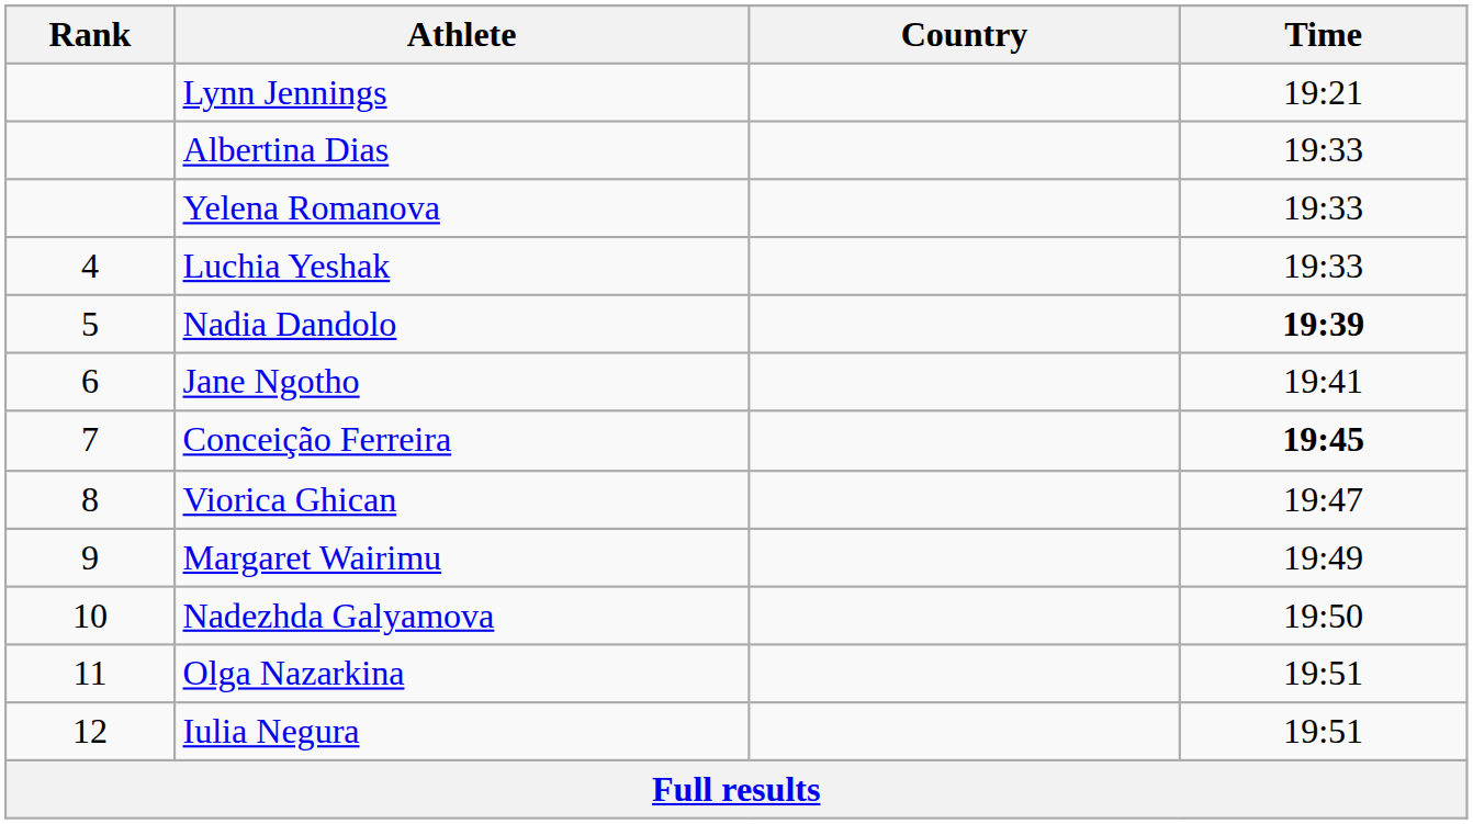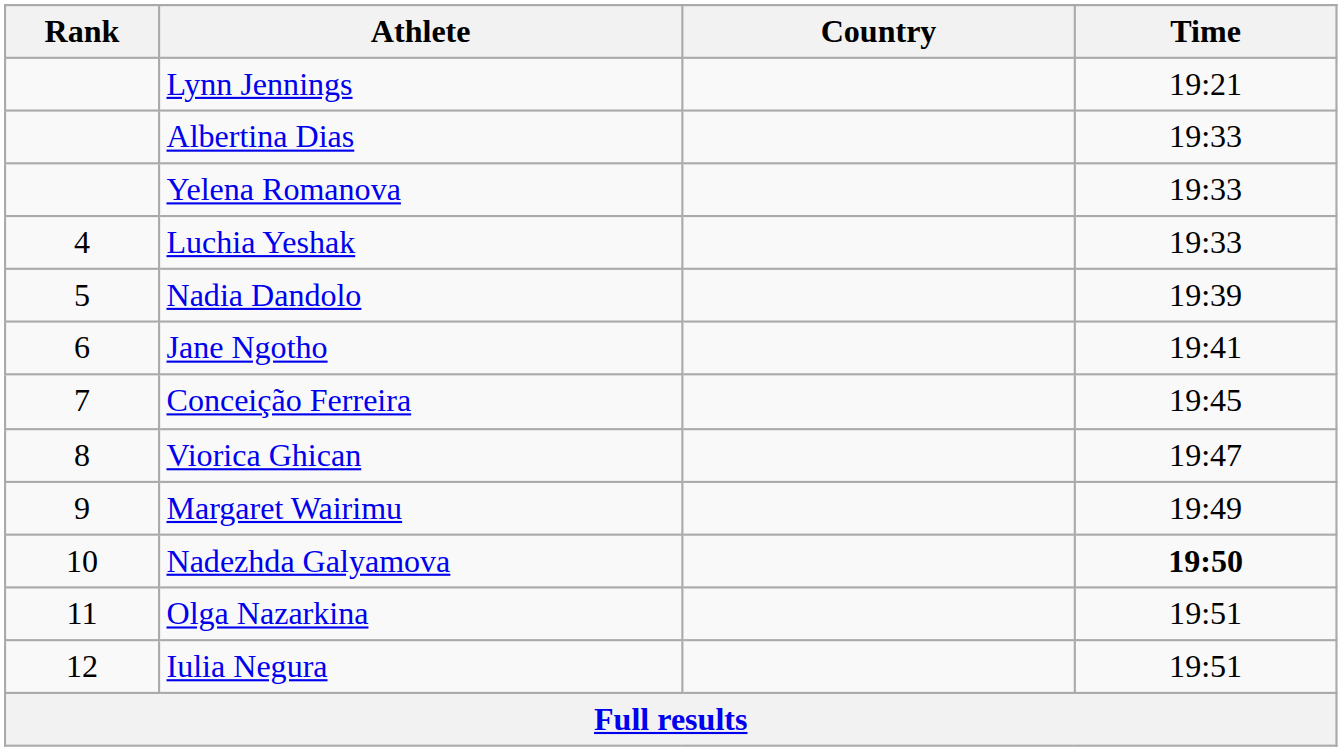 <table class="wikitable sortable" style=" text-align:center; font-size:95%;" width="50%">
 <tr>
 </tr>
 <tr>
 <th width=5%>Rank</th>
 <th width=20%>Athlete</th>
 <th width=15%>Country</th>
 <th width=10%>Time</th>
 </tr>
 <tr>
 <td align=center></td>
 <td align=left><a href='#'>Lynn Jennings</a></td>
 <td align=left></td>
 <td>19:21</td>
 </tr>
 <tr>
 <td align=center></td>
 <td align=left><a href='#'>Albertina Dias</a></td>
 <td align=left></td>
 <td>19:33</td>
 </tr>
 <tr>
 <td align=center></td>
 <td align=left><a href='#'>Yelena Romanova</a></td>
 <td align=left></td>
 <td>19:33</td>
 </tr>
 <tr>
 <td align=center>4</td>
 <td align=left><a href='#'>Luchia Yeshak</a></td>
 <td align=left></td>
 <td>19:33</td>
 </tr>
 <tr>
 <td align=center>5</td>
 <td align=left><a href='#'>Nadia Dandolo</a></td>
 <td align=left></td>
-<td><strong>19:39</strong></td>
+<td>19:39</td>
 </tr>
 <tr>
 <td align=center>6</td>
 <td align=left><a href='#'>Jane Ngotho</a></td>
 <td align=left></td>
 <td>19:41</td>
 </tr>
 <tr>
 <td align=center>7</td>
 <td align=left><a href='#'>Conceição Ferreira</a></td>
 <td align=left></td>
-<td><strong>19:45</strong></td>
+<td>19:45</td>
 </tr>
 <tr>
 <td align=center>8</td>
 <td align=left><a href='#'>Viorica Ghican</a></td>
 <td align=left></td>
 <td>19:47</td>
 </tr>
 <tr>
 <td align=center>9</td>
 <td align=left><a href='#'>Margaret Wairimu</a></td>
 <td align=left></td>
 <td>19:49</td>
 </tr>
 <tr>
 <td align=center>10</td>
 <td align=left><a href='#'>Nadezhda Galyamova</a></td>
 <td align=left></td>
-<td>19:50</td>
+<td><strong>19:50</strong></td>
 </tr>
 <tr>
 <td align=center>11</td>
 <td align=left><a href='#'>Olga Nazarkina</a></td>
 <td align=left></td>
 <td>19:51</td>
 </tr>
 <tr>
 <td align=center>12</td>
 <td align=left><a href='#'>Iulia Negura</a></td>
 <td align=left></td>
 <td>19:51</td>
 </tr>
 <tr class="sortbottom">
 <th colspan=4 align=center><a href='#'>Full results</a></th>
 </tr>
 </table>
